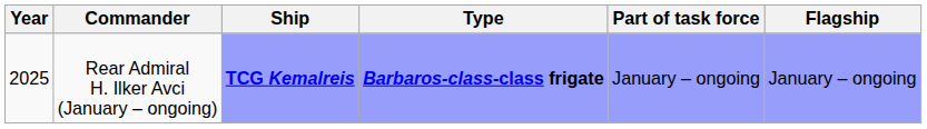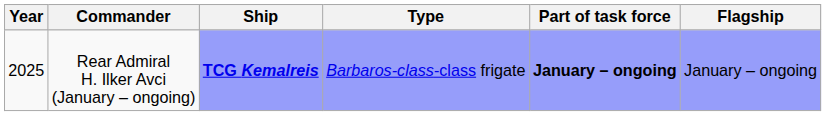 <table class="wikitable">
 <tr style="font-weight:bold; background-color:#9b9b9b;">
 <th>Year</th>
 <th>Commander</th>
 <th>Ship</th>
 <th>Type</th>
 <th>Part of task force</th>
 <th>Flagship</th>
 </tr>
 <tr>
 <td rowspan="6" style="text-align:center;">2025</td>
 <td rowspan="6" style="text-align:center;"><br>Rear Admiral <br>H. Ilker Avci<br>(January – ongoing)</td>
 <td style="background-color:#969dfa;"> <strong><a href='#'>TCG <em>Kemalreis</em></a></strong></td>
-<td style="background-color:#969dfa;"><strong><a href='#'><em>Barbaros-class</em>-class</a> frigate</strong></td>
-<td style="background-color:#969dfa;">January – ongoing</td>
+<td style="background-color:#969dfa;"><a href='#'><em>Barbaros-class</em>-class</a> frigate</td>
+<td style="background-color:#969dfa;"><strong>January – ongoing</strong></td>
 <td style="background-color:#969dfa;">January – ongoing</td>
 </tr>
 </table>
